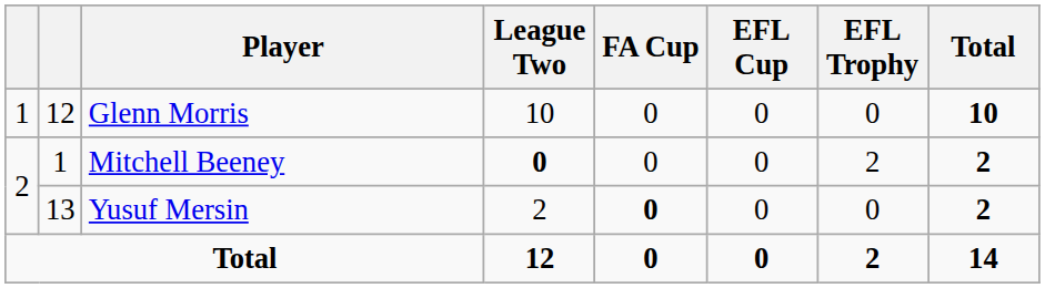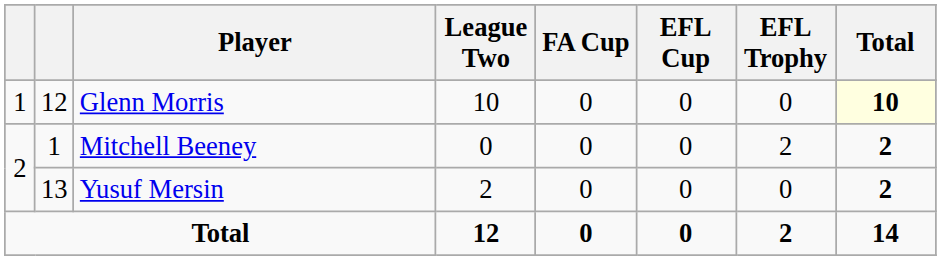 <table class="wikitable sortable" style="font-size: 95%; text-align: center;">
 <tr>
 <th width=10></th>
 <th width=10></th>
 <th width=200>Player</th>
 <th width=50>League Two</th>
 <th width=50>FA Cup</th>
 <th width=50>EFL Cup</th>
 <th width=50>EFL Trophy</th>
 <th width=50>Total</th>
 </tr>
 <tr>
 <td>1</td>
 <td>12</td>
 <td align="left"> <a href='#'>Glenn Morris</a></td>
 <td>10</td>
 <td>0</td>
 <td>0</td>
 <td>0</td>
-<td><strong>10</strong></td>
+<td style="background: lightyellow;"><strong>10</strong></td>
 </tr>
 <tr>
 <td rowspan="2">2</td>
 <td>1</td>
 <td align="left"> <a href='#'>Mitchell Beeney</a></td>
-<td><strong>0</strong></td>
+<td>0</td>
 <td>0</td>
 <td>0</td>
 <td>2</td>
 <td><strong>2</strong></td>
 </tr>
 <tr>
 <td>13</td>
 <td align="left"> <a href='#'>Yusuf Mersin</a></td>
 <td>2</td>
-<td><strong>0</strong></td>
+<td>0</td>
 <td>0</td>
 <td>0</td>
 <td><strong>2</strong></td>
 </tr>
 <tr>
 <td colspan="3"><strong>Total</strong></td>
 <td><strong>12</strong></td>
 <td><strong>0</strong></td>
 <td><strong>0</strong></td>
 <td><strong>2</strong></td>
 <td><strong>14</strong></td>
 </tr>
 </table>
